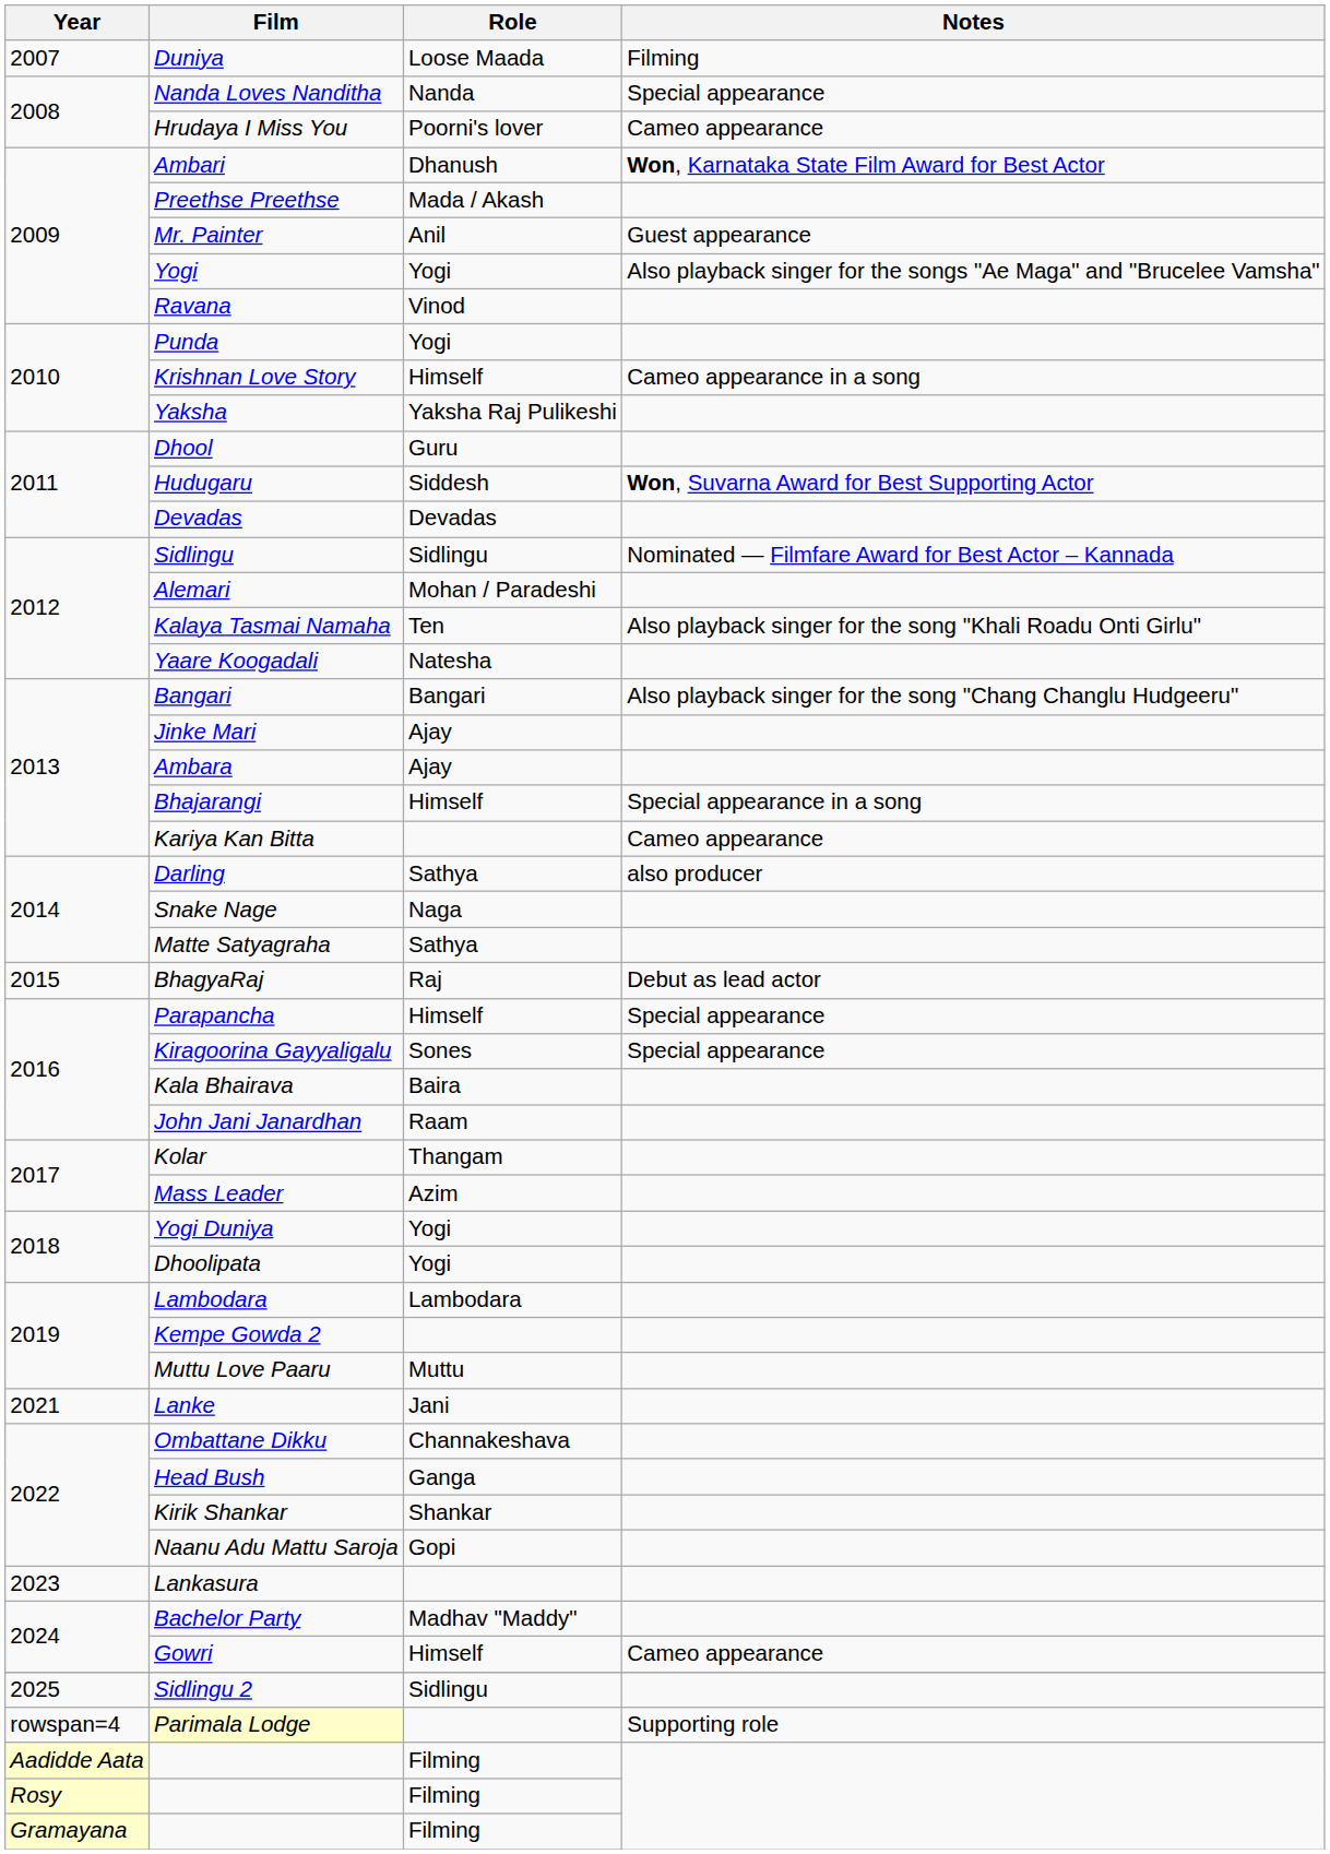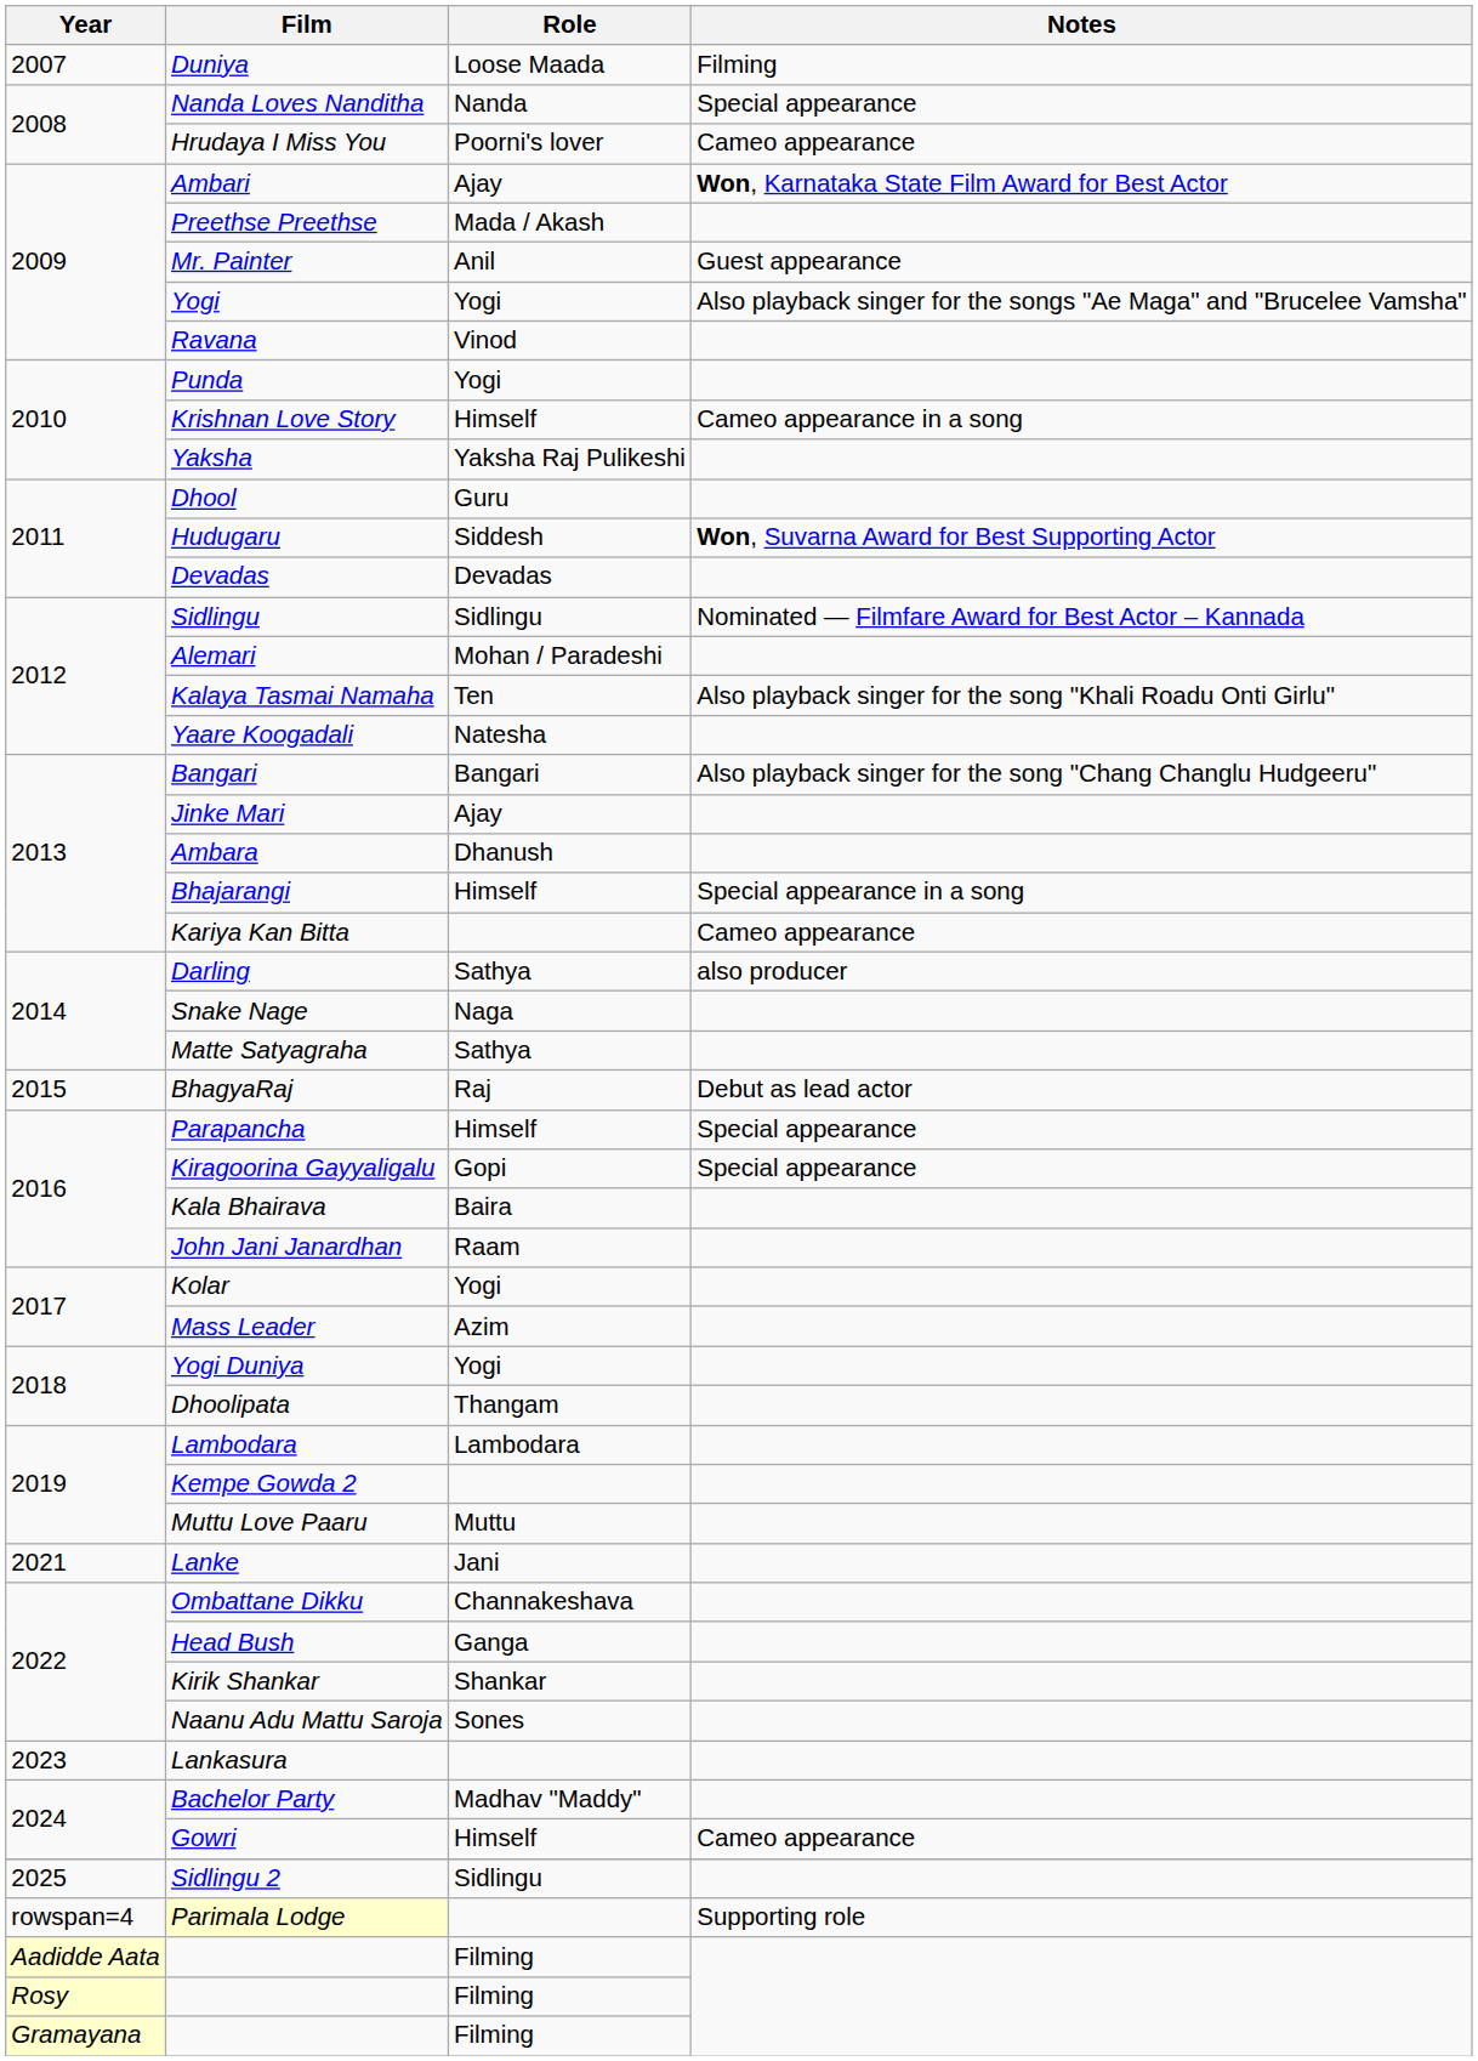 <table class="wikitable sortable">
 <tr>
 <th>Year</th>
 <th>Film</th>
 <th>Role</th>
 <th>Notes</th>
 </tr>
 <tr>
 <td>2007</td>
 <td><em><a href='#'>Duniya</a></em></td>
 <td>Loose Maada</td>
 <td>Filming</td>
 </tr>
 <tr>
 <td rowspan="2">2008</td>
 <td><em><a href='#'>Nanda Loves Nanditha</a></em></td>
 <td>Nanda</td>
 <td>Special appearance</td>
 </tr>
 <tr>
 <td><em>Hrudaya I Miss You</em></td>
 <td>Poorni's lover</td>
 <td>Cameo appearance</td>
 </tr>
 <tr>
 <td rowspan="5">2009</td>
 <td><em><a href='#'>Ambari</a></em></td>
-<td>Dhanush</td>
+<td>Ajay</td>
 <td><strong>Won</strong>, <a href='#'>Karnataka State Film Award for Best Actor</a></td>
 </tr>
 <tr>
 <td><em><a href='#'>Preethse Preethse</a></em></td>
 <td>Mada / Akash</td>
 <td></td>
 </tr>
 <tr>
 <td><em><a href='#'>Mr. Painter</a></em></td>
 <td>Anil</td>
 <td>Guest appearance</td>
 </tr>
 <tr>
 <td><em><a href='#'>Yogi</a></em></td>
 <td>Yogi</td>
 <td>Also playback singer for the songs "Ae Maga" and "Brucelee Vamsha"</td>
 </tr>
 <tr>
 <td><em><a href='#'>Ravana</a></em></td>
 <td>Vinod</td>
 <td></td>
 </tr>
 <tr>
 <td rowspan="3">2010</td>
 <td><em><a href='#'>Punda</a></em></td>
 <td>Yogi</td>
 <td></td>
 </tr>
 <tr>
 <td><em><a href='#'>Krishnan Love Story</a></em></td>
 <td>Himself</td>
 <td>Cameo appearance in a song</td>
 </tr>
 <tr>
 <td><em><a href='#'>Yaksha</a></em></td>
 <td>Yaksha Raj Pulikeshi</td>
 <td></td>
 </tr>
 <tr>
 <td rowspan="3">2011</td>
 <td><em><a href='#'>Dhool</a></em></td>
 <td>Guru</td>
 <td></td>
 </tr>
 <tr>
 <td><em><a href='#'>Hudugaru</a></em></td>
 <td>Siddesh</td>
 <td><strong>Won</strong>, <a href='#'>Suvarna Award for Best Supporting Actor</a></td>
 </tr>
 <tr>
 <td><em><a href='#'>Devadas</a></em></td>
 <td>Devadas</td>
 <td></td>
 </tr>
 <tr>
 <td rowspan="4">2012</td>
 <td><em><a href='#'>Sidlingu</a></em></td>
 <td>Sidlingu</td>
 <td>Nominated — <a href='#'>Filmfare Award for Best Actor – Kannada</a></td>
 </tr>
 <tr>
 <td><em><a href='#'>Alemari</a></em></td>
 <td>Mohan / Paradeshi</td>
 <td></td>
 </tr>
 <tr>
 <td><em><a href='#'>Kalaya Tasmai Namaha</a></em></td>
 <td>Ten</td>
 <td>Also playback singer for the song "Khali Roadu Onti Girlu"</td>
 </tr>
 <tr>
 <td><em><a href='#'>Yaare Koogadali</a></em></td>
 <td>Natesha</td>
 <td></td>
 </tr>
 <tr>
 <td rowspan="5">2013</td>
 <td><em><a href='#'>Bangari</a></em></td>
 <td>Bangari</td>
 <td>Also playback singer for the song "Chang Changlu Hudgeeru"</td>
 </tr>
 <tr>
 <td><em><a href='#'>Jinke Mari</a></em></td>
 <td>Ajay</td>
 <td></td>
 </tr>
 <tr>
 <td><em><a href='#'>Ambara</a></em></td>
-<td>Ajay</td>
+<td>Dhanush</td>
 <td></td>
 </tr>
 <tr>
 <td><em><a href='#'>Bhajarangi</a></em></td>
 <td>Himself</td>
 <td>Special appearance in a song</td>
 </tr>
 <tr>
 <td><em>Kariya Kan Bitta</em></td>
 <td></td>
 <td>Cameo appearance</td>
 </tr>
 <tr>
 <td rowspan="3">2014</td>
 <td><em><a href='#'>Darling</a></em></td>
 <td>Sathya</td>
 <td>also producer</td>
 </tr>
 <tr>
 <td><em>Snake Nage</em></td>
 <td>Naga</td>
 <td></td>
 </tr>
 <tr>
 <td><em>Matte Satyagraha</em></td>
 <td>Sathya</td>
 <td></td>
 </tr>
 <tr>
 <td>2015</td>
 <td><em>BhagyaRaj</em></td>
 <td>Raj</td>
 <td>Debut as lead actor</td>
 </tr>
 <tr>
 <td rowspan="4">2016</td>
 <td><em><a href='#'>Parapancha</a></em></td>
 <td>Himself</td>
 <td>Special appearance</td>
 </tr>
 <tr>
 <td><em><a href='#'>Kiragoorina Gayyaligalu</a></em></td>
-<td>Sones</td>
+<td>Gopi</td>
 <td>Special appearance</td>
 </tr>
 <tr>
 <td><em>Kala Bhairava</em></td>
 <td>Baira</td>
 <td></td>
 </tr>
 <tr>
 <td><em><a href='#'>John Jani Janardhan</a></em></td>
 <td>Raam</td>
 <td></td>
 </tr>
 <tr>
 <td rowspan="2">2017</td>
 <td><em>Kolar</em></td>
-<td>Thangam</td>
+<td>Yogi</td>
 <td></td>
 </tr>
 <tr>
 <td><em><a href='#'>Mass Leader</a></em></td>
 <td>Azim</td>
 <td></td>
 </tr>
 <tr>
 <td rowspan="2">2018</td>
 <td><em><a href='#'>Yogi Duniya</a></em></td>
 <td>Yogi</td>
 <td></td>
 </tr>
 <tr>
 <td><em>Dhoolipata</em></td>
-<td>Yogi</td>
+<td>Thangam</td>
 <td></td>
 </tr>
 <tr>
 <td rowspan="3">2019</td>
 <td><em><a href='#'>Lambodara</a></em></td>
 <td>Lambodara</td>
 <td></td>
 </tr>
 <tr>
 <td><em><a href='#'>Kempe Gowda 2</a></em></td>
 <td></td>
 <td></td>
 </tr>
 <tr>
 <td><em>Muttu Love Paaru</em></td>
 <td>Muttu</td>
 <td></td>
 </tr>
 <tr>
 <td>2021</td>
 <td><em><a href='#'>Lanke</a></em></td>
 <td>Jani</td>
 <td></td>
 </tr>
 <tr>
 <td rowspan="4">2022</td>
 <td><em><a href='#'>Ombattane Dikku</a></em></td>
 <td>Channakeshava</td>
 <td></td>
 </tr>
 <tr>
 <td><em><a href='#'>Head Bush</a></em></td>
 <td>Ganga</td>
 <td></td>
 </tr>
 <tr>
 <td><em>Kirik Shankar</em></td>
 <td>Shankar</td>
 <td></td>
 </tr>
 <tr>
 <td><em>Naanu Adu Mattu Saroja</em></td>
-<td>Gopi</td>
+<td>Sones</td>
 <td></td>
 </tr>
 <tr>
 <td>2023</td>
 <td><em>Lankasura</em></td>
 <td></td>
 <td></td>
 </tr>
 <tr>
 <td rowspan="2">2024</td>
 <td><em><a href='#'>Bachelor Party</a></em></td>
 <td>Madhav "Maddy"</td>
 <td></td>
 </tr>
 <tr>
 <td><em><a href='#'>Gowri</a></em></td>
 <td>Himself</td>
 <td>Cameo appearance</td>
 </tr>
 <tr>
 </tr>
 <tr>
 <td>2025</td>
 <td><em><a href='#'>Sidlingu 2</a></em></td>
 <td>Sidlingu</td>
 <td></td>
 </tr>
 <tr>
 <td>rowspan=4 </td>
 <td style="background:#FFFFCC;"><em>Parimala Lodge</em></td>
 <td></td>
 <td>Supporting role</td>
 </tr>
 <tr>
 <td style="background:#FFFFCC;"><em>Aadidde Aata</em> </td>
 <td></td>
 <td>Filming</td>
 </tr>
 <tr>
 <td style="background:#FFFFCC;"><em>Rosy</em> </td>
 <td></td>
 <td>Filming</td>
 </tr>
 <tr>
 <td style="background:#FFFFCC;"><em>Gramayana </em> </td>
 <td></td>
 <td>Filming</td>
 </tr>
 <tr>
 </tr>
 </table>
